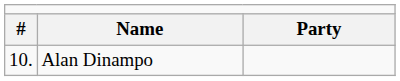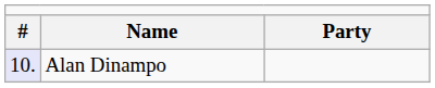 <table class=wikitable style="font-size:90%">
 <tr>
 <td colspan=4 bgcolor=></td>
 </tr>
 <tr>
 <th>#</th>
 <th width=150px>Name</th>
 <th colspan=2 width=110px>Party</th>
 </tr>
 <tr>
-<td>10.</td>
+<td style="background: lavender;">10.</td>
 <td>Alan Dinampo</td>
 <td></td>
 </tr>
 </table>
